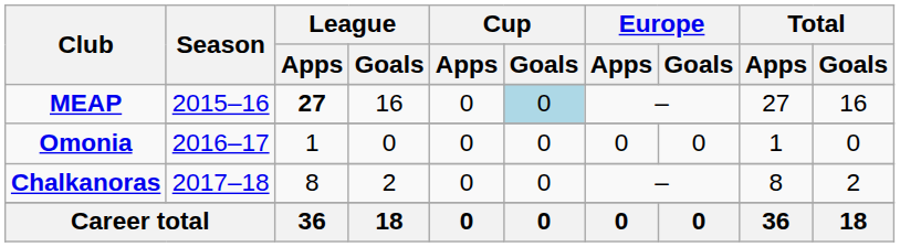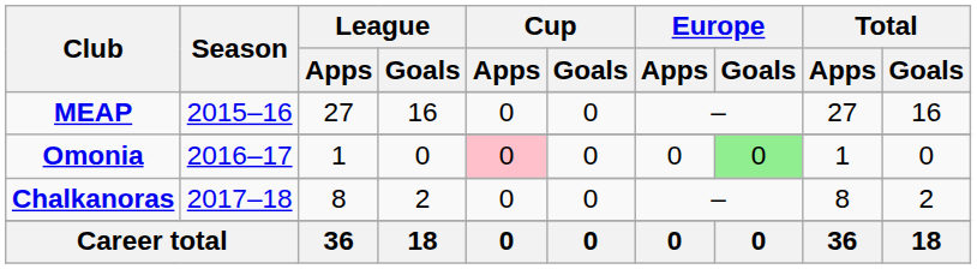 <table class="wikitable" style="text-align:center;">
 <tr>
 <th rowspan="2">Club</th>
 <th rowspan="2">Season</th>
 <th colspan="2">League</th>
 <th colspan="2">Cup</th>
 <th colspan="2"><a href='#'>Europe</a></th>
 <th colspan="2">Total</th>
 </tr>
 <tr>
 <th>Apps</th>
 <th>Goals</th>
 <th>Apps</th>
 <th>Goals</th>
 <th>Apps</th>
 <th>Goals</th>
 <th>Apps</th>
 <th>Goals</th>
 </tr>
 <tr ||-||-||-|->
 <td rowspan="2" valign="center"><strong><a href='#'>MEAP</a></strong></td>
 </tr>
 <tr>
 <td><a href='#'>2015–16</a></td>
-<td><strong>27</strong></td>
+<td>27</td>
 <td>16</td>
 <td>0</td>
-<td style="background: lightblue;">0</td>
+<td>0</td>
 <td colspan="2">–</td>
 <td>27</td>
 <td>16</td>
 </tr>
 <tr>
 <td rowspan="2" valign="center"><strong><a href='#'>Omonia</a></strong></td>
 </tr>
 <tr>
 <td><a href='#'>2016–17</a></td>
 <td>1</td>
 <td>0</td>
+<td style="background: pink;">0</td>
 <td>0</td>
 <td>0</td>
-<td>0</td>
-<td>0</td>
+<td style="background: lightgreen;">0</td>
 <td>1</td>
 <td>0</td>
 </tr>
 <tr>
 <td rowspan="2" valign="center"><strong><a href='#'>Chalkanoras</a></strong></td>
 </tr>
 <tr>
 <td><a href='#'>2017–18</a></td>
 <td>8</td>
 <td>2</td>
 <td>0</td>
 <td>0</td>
 <td colspan="2">–</td>
 <td>8</td>
 <td>2</td>
 </tr>
 <tr>
 </tr>
 <tr>
 <th colspan=2>Career total</th>
 <th>36</th>
 <th>18</th>
 <th>0</th>
 <th>0</th>
 <th>0</th>
 <th>0</th>
 <th>36</th>
 <th>18</th>
 </tr>
 </table>
